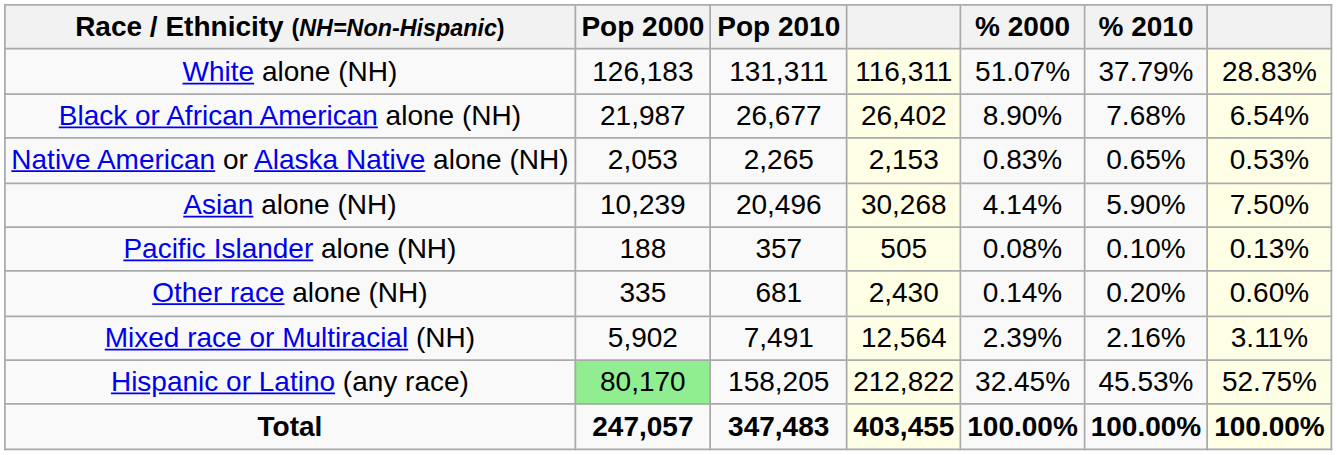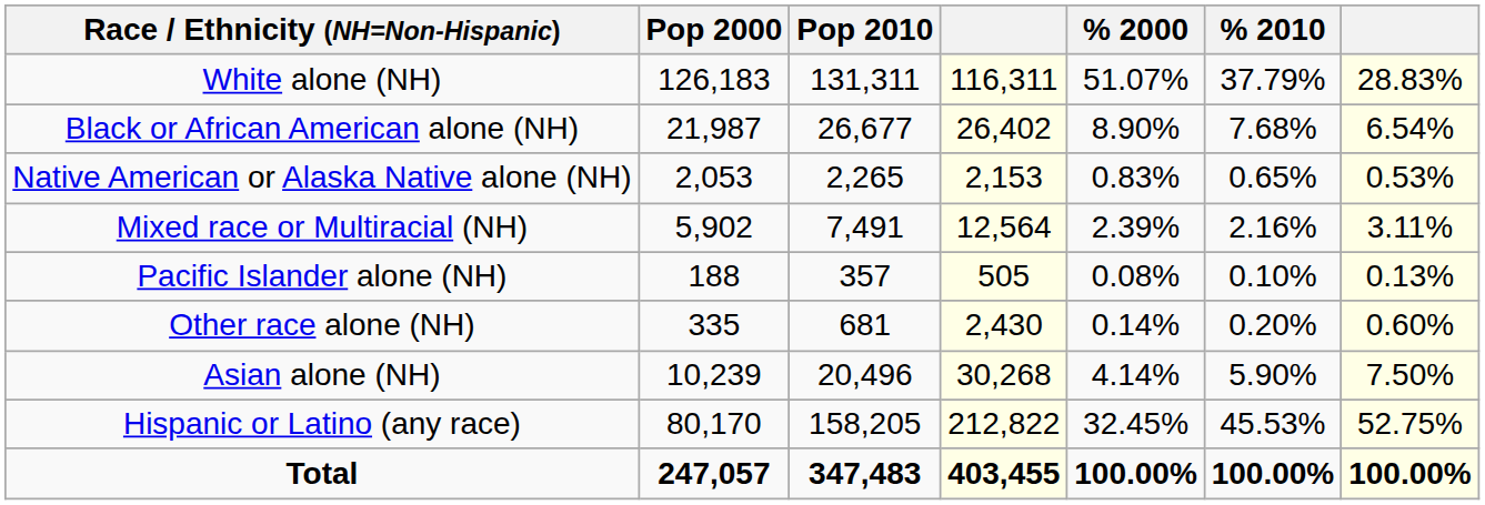 <table class="wikitable" style="text-align:center;">
 <tr>
 <th>Race / Ethnicity <small>(<em>NH=Non-Hispanic</em>)</small></th>
 <th>Pop 2000</th>
 <th>Pop 2010</th>
 <th></th>
 <th>% 2000</th>
 <th>% 2010</th>
 <th></th>
 </tr>
 <tr>
 <td><a href='#'>White</a> alone (NH)</td>
 <td>126,183</td>
 <td>131,311</td>
 <td style='background: #ffffe6;'>116,311</td>
 <td>51.07%</td>
 <td>37.79%</td>
 <td style='background: #ffffe6;'>28.83%</td>
 </tr>
 <tr>
 <td><a href='#'>Black or African American</a> alone (NH)</td>
 <td>21,987</td>
 <td>26,677</td>
 <td style='background: #ffffe6;'>26,402</td>
 <td>8.90%</td>
 <td>7.68%</td>
 <td style='background: #ffffe6;'>6.54%</td>
 </tr>
 <tr>
 <td><a href='#'>Native American</a> or <a href='#'>Alaska Native</a> alone (NH)</td>
 <td>2,053</td>
 <td>2,265</td>
 <td style='background: #ffffe6;'>2,153</td>
 <td>0.83%</td>
 <td>0.65%</td>
 <td style='background: #ffffe6;'>0.53%</td>
 </tr>
 <tr>
-<td><a href='#'>Asian</a> alone (NH)</td>
-<td>10,239</td>
-<td>20,496</td>
-<td style='background: #ffffe6;'>30,268</td>
-<td>4.14%</td>
-<td>5.90%</td>
-<td style='background: #ffffe6;'>7.50%</td>
+<td><a href='#'>Mixed race or Multiracial</a> (NH)</td>
+<td>5,902</td>
+<td>7,491</td>
+<td style='background: #ffffe6;'>12,564</td>
+<td>2.39%</td>
+<td>2.16%</td>
+<td style='background: #ffffe6;'>3.11%</td>
 </tr>
 <tr>
 <td><a href='#'>Pacific Islander</a> alone (NH)</td>
 <td>188</td>
 <td>357</td>
 <td style='background: #ffffe6;'>505</td>
 <td>0.08%</td>
 <td>0.10%</td>
 <td style='background: #ffffe6;'>0.13%</td>
 </tr>
 <tr>
 <td><a href='#'>Other race</a> alone (NH)</td>
 <td>335</td>
 <td>681</td>
 <td style='background: #ffffe6;'>2,430</td>
 <td>0.14%</td>
 <td>0.20%</td>
 <td style='background: #ffffe6;'>0.60%</td>
 </tr>
 <tr>
-<td><a href='#'>Mixed race or Multiracial</a> (NH)</td>
-<td>5,902</td>
-<td>7,491</td>
-<td style='background: #ffffe6;'>12,564</td>
-<td>2.39%</td>
-<td>2.16%</td>
-<td style='background: #ffffe6;'>3.11%</td>
+<td><a href='#'>Asian</a> alone (NH)</td>
+<td>10,239</td>
+<td>20,496</td>
+<td style='background: #ffffe6;'>30,268</td>
+<td>4.14%</td>
+<td>5.90%</td>
+<td style='background: #ffffe6;'>7.50%</td>
 </tr>
 <tr>
 <td><a href='#'>Hispanic or Latino</a> (any race)</td>
-<td style="background: lightgreen;">80,170</td>
+<td>80,170</td>
 <td>158,205</td>
 <td style='background: #ffffe6;'>212,822</td>
 <td>32.45%</td>
 <td>45.53%</td>
 <td style='background: #ffffe6;'>52.75%</td>
 </tr>
 <tr>
 <td><strong>Total</strong></td>
 <td><strong>247,057</strong></td>
 <td><strong>347,483</strong></td>
 <td style='background: #ffffe6;'><strong>403,455</strong></td>
 <td><strong>100.00%</strong></td>
 <td><strong>100.00%</strong></td>
 <td style='background: #ffffe6;'><strong>100.00%</strong></td>
 </tr>
 </table>
